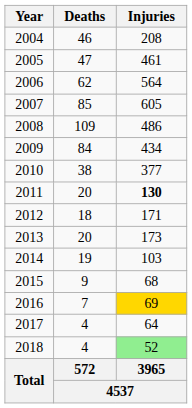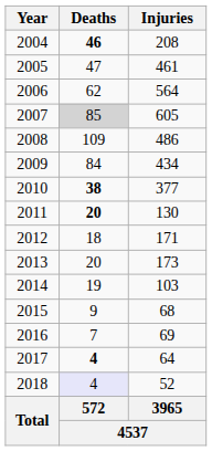 <table class="wikitable"  style="float:right; text-align:center; width:210px;">
 <tr>
 <th>Year</th>
 <th>Deaths</th>
 <th>Injuries</th>
 </tr>
 <tr>
 <td>2004</td>
-<td>46</td>
+<td><strong>46</strong></td>
 <td>208</td>
 </tr>
 <tr>
 <td>2005</td>
 <td>47</td>
 <td>461</td>
 </tr>
 <tr>
 <td>2006</td>
 <td>62</td>
 <td>564</td>
 </tr>
 <tr>
 <td>2007</td>
-<td>85</td>
+<td style="background: lightgrey;">85</td>
 <td>605</td>
 </tr>
 <tr>
 <td>2008</td>
 <td>109</td>
 <td>486</td>
 </tr>
 <tr>
 <td>2009</td>
 <td>84</td>
 <td>434</td>
 </tr>
 <tr>
 <td>2010</td>
-<td>38</td>
+<td><strong>38</strong></td>
 <td>377</td>
 </tr>
 <tr>
 <td>2011</td>
-<td>20</td>
-<td><strong>130</strong></td>
+<td><strong>20</strong></td>
+<td>130</td>
 </tr>
 <tr>
 <td>2012</td>
 <td>18</td>
 <td>171</td>
 </tr>
 <tr>
 <td>2013</td>
 <td>20</td>
 <td>173</td>
 </tr>
 <tr>
 <td>2014</td>
 <td>19</td>
 <td>103</td>
 </tr>
 <tr>
 <td>2015</td>
 <td>9</td>
 <td>68</td>
 </tr>
 <tr>
 <td>2016</td>
 <td>7</td>
-<td style="background: gold;">69</td>
+<td>69</td>
 </tr>
 <tr>
 <td>2017</td>
-<td>4</td>
+<td><strong>4</strong></td>
 <td>64</td>
 </tr>
 <tr>
 <td>2018</td>
-<td>4</td>
-<td style="background: lightgreen;">52</td>
+<td style="background: lavender;">4</td>
+<td>52</td>
 </tr>
 <tr>
 <th rowspan="2">Total</th>
 <th>572</th>
 <th>3965</th>
 </tr>
 <tr>
 <th colspan="2">4537</th>
 </tr>
 </table>
